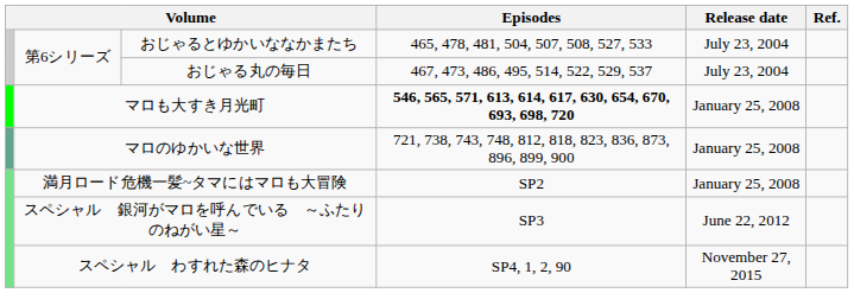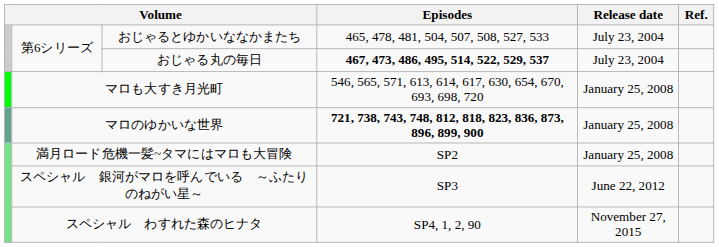 <table class="wikitable" style="text-align: center; width: 98%;">
 <tr>
 <th colspan="3">Volume</th>
 <th>Episodes</th>
 <th>Release date</th>
 <th width="5%">Ref.</th>
 </tr>
 <tr>
 <td rowspan="2" width="1%" style="background: #CCCCCC"></td>
 <td rowspan="2">第6シリーズ</td>
 <td>おじゃるとゆかいななかまたち</td>
 <td>465, 478, 481, 504, 507, 508, 527, 533</td>
 <td>July 23, 2004</td>
 <td></td>
 </tr>
 <tr>
 <td>おじゃる丸の毎日</td>
-<td>467, 473, 486, 495, 514, 522, 529, 537</td>
+<td><strong>467, 473, 486, 495, 514, 522, 529, 537</strong></td>
 <td>July 23, 2004</td>
 <td></td>
 </tr>
 <tr>
 <td rowspan="1" width="1%" style="background: #00FF00"></td>
 <td colspan="2">マロも大すき月光町</td>
-<td><strong>546, 565, 571, 613, 614, 617, 630, 654, 670, 693, 698, 720</strong></td>
+<td>546, 565, 571, 613, 614, 617, 630, 654, 670, 693, 698, 720</td>
 <td>January 25, 2008</td>
 <td></td>
 </tr>
 <tr>
 <td rowspan="1" width="1%" style="background: #61A48D"></td>
 <td colspan="2">マロのゆかいな世界</td>
-<td>721, 738, 743, 748, 812, 818, 823, 836, 873, 896, 899, 900</td>
+<td><strong>721, 738, 743, 748, 812, 818, 823, 836, 873, 896, 899, 900</strong></td>
 <td>January 25, 2008</td>
 <td></td>
 </tr>
 <tr>
 <td rowspan="3" width="1%" style="background: #74E387"></td>
 <td colspan="2">満月ロード危機一髪~タマにはマロも大冒険</td>
 <td>SP2</td>
 <td>January 25, 2008</td>
 <td></td>
 </tr>
 <tr>
 <td colspan="2">スペシャル　銀河がマロを呼んでいる　～ふたりのねがい星～</td>
 <td>SP3</td>
 <td>June 22, 2012</td>
 <td></td>
 </tr>
 <tr>
 <td colspan="2">スペシャル　わすれた森のヒナタ</td>
 <td>SP4, 1, 2, 90</td>
 <td>November 27, 2015</td>
 <td></td>
 </tr>
 </table>
